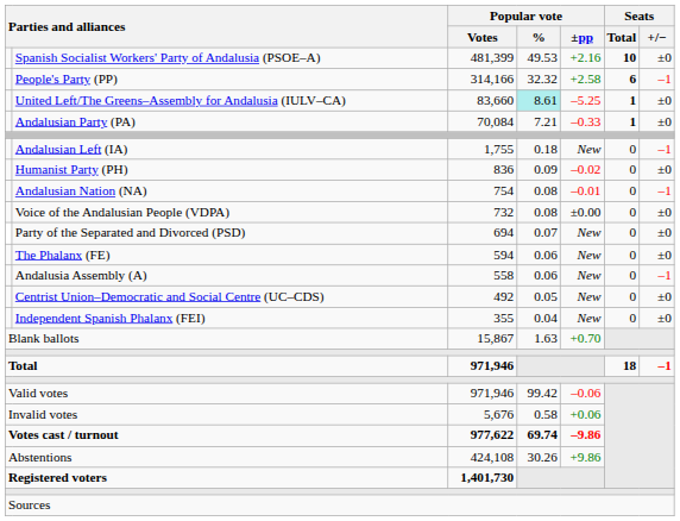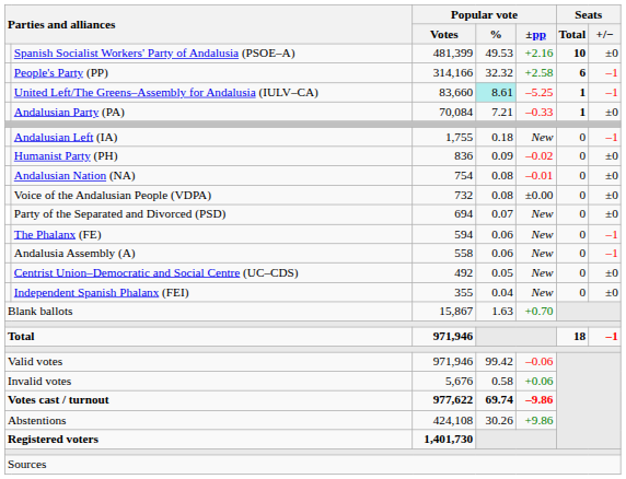 <table class="wikitable" style="text-align:right;">
 <tr>
 <th style="text-align:left;" rowspan="2" colspan="2" width="525">Parties and alliances</th>
 <th colspan="3">Popular vote</th>
 <th colspan="2">Seats</th>
 </tr>
 <tr>
 <th width="75">Votes</th>
 <th width="45">%</th>
 <th width="45">±<a href='#'>pp</a></th>
 <th width="35">Total</th>
 <th width="35">+/−</th>
 </tr>
 <tr>
 <td width="1" style="color:inherit;background:"></td>
 <td align="left"><a href='#'>Spanish Socialist Workers' Party of Andalusia</a> (PSOE–A)</td>
 <td>481,399</td>
 <td>49.53</td>
 <td style="color:green;">+2.16</td>
 <td><strong>10</strong></td>
 <td>±0</td>
 </tr>
 <tr>
 <td style="color:inherit;background:"></td>
 <td align="left"><a href='#'>People's Party</a> (PP)</td>
 <td>314,166</td>
 <td>32.32</td>
 <td style="color:green;">+2.58</td>
 <td><strong>6</strong></td>
 <td style="color:red;">–1</td>
 </tr>
 <tr>
 <td style="color:inherit;background:"></td>
 <td align="left"><a href='#'>United Left/The Greens–Assembly for Andalusia</a> (IULV–CA)</td>
 <td>83,660</td>
 <td style="background: paleturquoise;">8.61</td>
 <td style="color:red;">–5.25</td>
 <td><strong>1</strong></td>
-<td>±0</td>
+<td style="color:red;">–1</td>
 </tr>
 <tr>
 <td style="color:inherit;background:"></td>
 <td align="left"><a href='#'>Andalusian Party</a> (PA)</td>
 <td>70,084</td>
 <td>7.21</td>
 <td style="color:red;">–0.33</td>
 <td><strong>1</strong></td>
 <td>±0</td>
 </tr>
 <tr>
 <td colspan="7" bgcolor="#C0C0C0"></td>
 </tr>
 <tr>
 <td style="color:inherit;background:"></td>
 <td align="left"><a href='#'>Andalusian Left</a> (IA)</td>
 <td>1,755</td>
 <td>0.18</td>
 <td><em>New</em></td>
 <td>0</td>
 <td style="color:red;">–1</td>
 </tr>
 <tr>
 <td style="color:inherit;background:"></td>
 <td align="left"><a href='#'>Humanist Party</a> (PH)</td>
 <td>836</td>
 <td>0.09</td>
 <td style="color:red;">–0.02</td>
 <td>0</td>
 <td>±0</td>
 </tr>
 <tr>
 <td style="color:inherit;background:"></td>
 <td align="left"><a href='#'>Andalusian Nation</a> (NA)</td>
 <td>754</td>
 <td>0.08</td>
 <td style="color:red;">–0.01</td>
 <td>0</td>
-<td style="color:red;">–1</td>
+<td>±0</td>
 </tr>
 <tr>
 <td style="color:inherit;background:"></td>
 <td align="left">Voice of the Andalusian People (VDPA)</td>
 <td>732</td>
 <td>0.08</td>
 <td>±0.00</td>
 <td>0</td>
 <td>±0</td>
 </tr>
 <tr>
 <td bgcolor="white"></td>
 <td align="left">Party of the Separated and Divorced (PSD)</td>
 <td>694</td>
 <td>0.07</td>
 <td><em>New</em></td>
 <td>0</td>
 <td>±0</td>
 </tr>
 <tr>
 <td style="color:inherit;background:"></td>
 <td align="left"><a href='#'>The Phalanx</a> (FE)</td>
 <td>594</td>
 <td>0.06</td>
 <td><em>New</em></td>
 <td>0</td>
-<td>±0</td>
+<td style="color:red;">–1</td>
 </tr>
 <tr>
 <td style="color:inherit;background:"></td>
 <td align="left">Andalusia Assembly (A)</td>
 <td>558</td>
 <td>0.06</td>
 <td><em>New</em></td>
 <td>0</td>
 <td style="color:red;">–1</td>
 </tr>
 <tr>
 <td style="color:inherit;background:"></td>
 <td align="left"><a href='#'>Centrist Union–Democratic and Social Centre</a> (UC–CDS)</td>
 <td>492</td>
 <td>0.05</td>
 <td><em>New</em></td>
 <td>0</td>
 <td>±0</td>
 </tr>
 <tr>
 <td style="color:inherit;background:"></td>
 <td align="left"><a href='#'>Independent Spanish Phalanx</a> (FEI)</td>
 <td>355</td>
 <td>0.04</td>
 <td><em>New</em></td>
 <td>0</td>
 <td>±0</td>
 </tr>
 <tr>
 <td align="left" colspan="2">Blank ballots</td>
 <td>15,867</td>
 <td>1.63</td>
 <td style="color:green;">+0.70</td>
 <td bgcolor="#E9E9E9" colspan="2"></td>
 </tr>
 <tr>
 <td colspan="7" bgcolor="#E9E9E9"></td>
 </tr>
 <tr style="font-weight:bold;">
 <td align="left" colspan="2">Total</td>
 <td>971,946</td>
 <td bgcolor="#E9E9E9" colspan="2"></td>
 <td>18</td>
 <td style="color:red;">–1</td>
 </tr>
 <tr>
 <td colspan="7" bgcolor="#E9E9E9"></td>
 </tr>
 <tr>
 <td align="left" colspan="2">Valid votes</td>
 <td>971,946</td>
 <td>99.42</td>
 <td style="color:red;">–0.06</td>
 <td bgcolor="#E9E9E9" colspan="2" rowspan="5"></td>
 </tr>
 <tr>
 <td align="left" colspan="2">Invalid votes</td>
 <td>5,676</td>
 <td>0.58</td>
 <td style="color:green;">+0.06</td>
 </tr>
 <tr style="font-weight:bold;">
 <td align="left" colspan="2">Votes cast / turnout</td>
 <td>977,622</td>
 <td>69.74</td>
 <td style="color:red;">–9.86</td>
 </tr>
 <tr>
 <td align="left" colspan="2">Abstentions</td>
 <td>424,108</td>
 <td>30.26</td>
 <td style="color:green;">+9.86</td>
 </tr>
 <tr style="font-weight:bold;">
 <td align="left" colspan="2">Registered voters</td>
 <td>1,401,730</td>
 <td bgcolor="#E9E9E9" colspan="2"></td>
 </tr>
 <tr>
 <td colspan="7" bgcolor="#E9E9E9"></td>
 </tr>
 <tr>
 <td align="left" colspan="7">Sources</td>
 </tr>
 </table>
